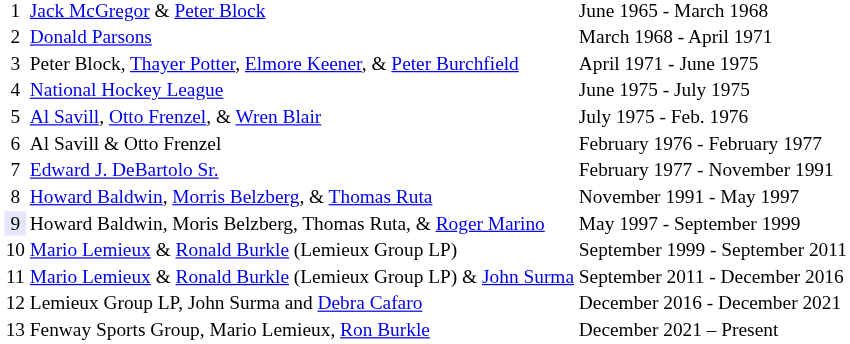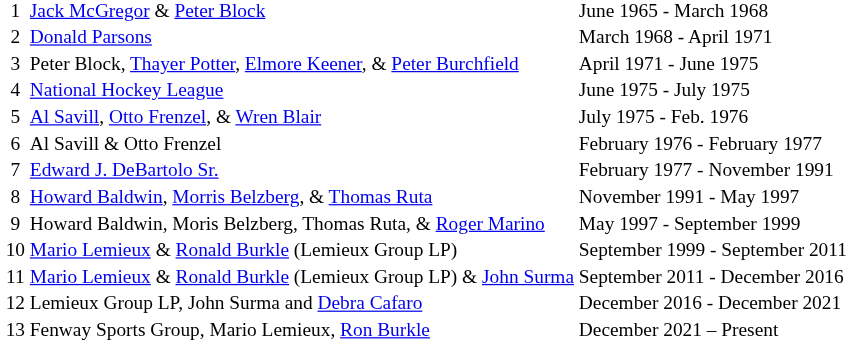 <table>
 <tr>
 <td align=center>1</td>
 <td><a href='#'>Jack McGregor</a> & <a href='#'>Peter Block</a></td>
 <td>June 1965 - March 1968</td>
 <td></td>
 </tr>
 <tr>
 <td align=center>2</td>
 <td><a href='#'>Donald Parsons</a></td>
 <td>March 1968 - April 1971</td>
 <td></td>
 </tr>
 <tr>
 <td align=center>3</td>
 <td>Peter Block, <a href='#'>Thayer Potter</a>, <a href='#'>Elmore Keener</a>, & <a href='#'>Peter Burchfield</a></td>
 <td>April 1971 - June 1975</td>
 <td></td>
 </tr>
 <tr>
 <td align=center>4</td>
 <td><a href='#'>National Hockey League</a></td>
 <td>June 1975 - July 1975</td>
 <td></td>
 </tr>
 <tr>
 <td align=center>5</td>
 <td><a href='#'>Al Savill</a>, <a href='#'>Otto Frenzel</a>, & <a href='#'>Wren Blair</a></td>
 <td>July 1975 - Feb. 1976</td>
 <td></td>
 </tr>
 <tr>
 <td align=center>6</td>
 <td>Al Savill & Otto Frenzel</td>
 <td>February 1976 - February 1977</td>
 <td></td>
 </tr>
 <tr>
 <td align=center>7</td>
 <td><a href='#'>Edward J. DeBartolo Sr.</a></td>
 <td>February 1977 - November 1991</td>
 <td></td>
 </tr>
 <tr>
 <td align=center>8</td>
 <td><a href='#'>Howard Baldwin</a>, <a href='#'>Morris Belzberg</a>, & <a href='#'>Thomas Ruta</a></td>
 <td>November 1991 - May 1997</td>
 <td></td>
 </tr>
 <tr>
-<td align=center style="background: lavender;">9</td>
+<td align=center>9</td>
 <td>Howard Baldwin, Moris Belzberg, Thomas Ruta, & <a href='#'>Roger Marino</a></td>
 <td>May 1997 - September 1999</td>
 <td></td>
 </tr>
 <tr>
 <td align=center>10</td>
 <td><a href='#'>Mario Lemieux</a> & <a href='#'>Ronald Burkle</a> (Lemieux Group LP)</td>
 <td>September 1999 - September 2011</td>
 <td></td>
 </tr>
 <tr>
 <td align=center>11</td>
 <td><a href='#'>Mario Lemieux</a> & <a href='#'>Ronald Burkle</a> (Lemieux Group LP) & <a href='#'>John Surma</a> </td>
 <td>September 2011 - December 2016</td>
 <td></td>
 </tr>
 <tr>
 <td align=center>12</td>
 <td>Lemieux Group LP, John Surma and <a href='#'>Debra Cafaro</a></td>
 <td>December 2016 - December 2021</td>
 <td></td>
 </tr>
 <tr>
 <td align=center>13</td>
 <td>Fenway Sports Group, Mario Lemieux, <a href='#'>Ron Burkle</a></td>
 <td>December 2021 – Present</td>
 <td></td>
 </tr>
 </table>
